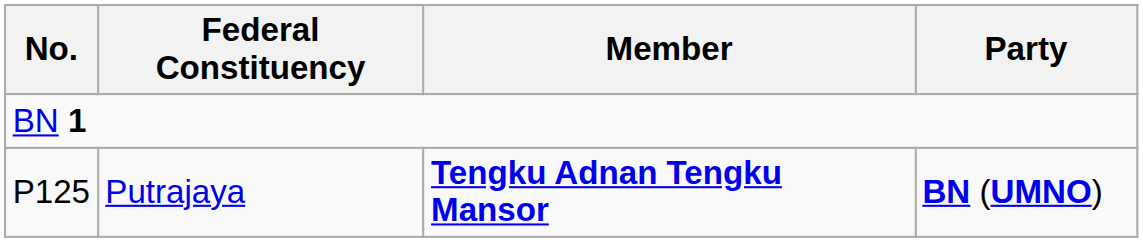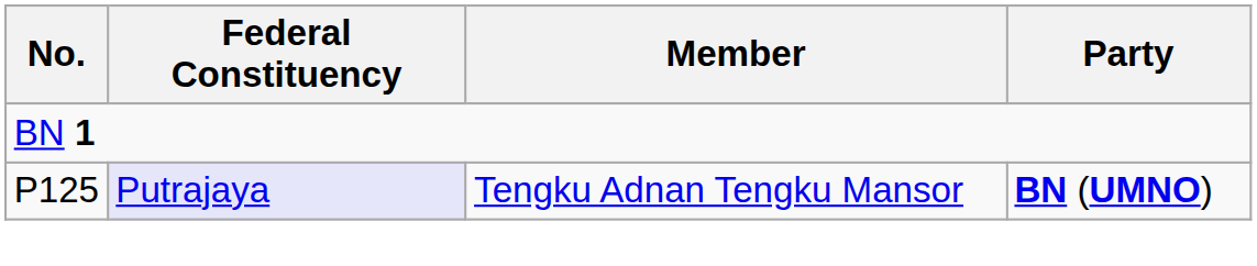 <table class ="wikitable sortable">
 <tr>
 <th style="width:30px;">No.</th>
 <th style="width:150px;">Federal Constituency</th>
 <th style="width:230px;">Member</th>
 <th style="width:100px;">Party</th>
 </tr>
 <tr>
 <td colspan="4"><a href='#'>BN</a> <strong>1</strong></td>
 </tr>
 <tr>
 <td>P125</td>
-<td><a href='#'>Putrajaya</a></td>
-<td><strong><a href='#'>Tengku Adnan Tengku Mansor</a></strong></td>
+<td style="background: lavender;"><a href='#'>Putrajaya</a></td>
+<td><a href='#'>Tengku Adnan Tengku Mansor</a></td>
 <td><strong><a href='#'>BN</a></strong> (<strong><a href='#'>UMNO</a></strong>)</td>
 </tr>
 </table>
